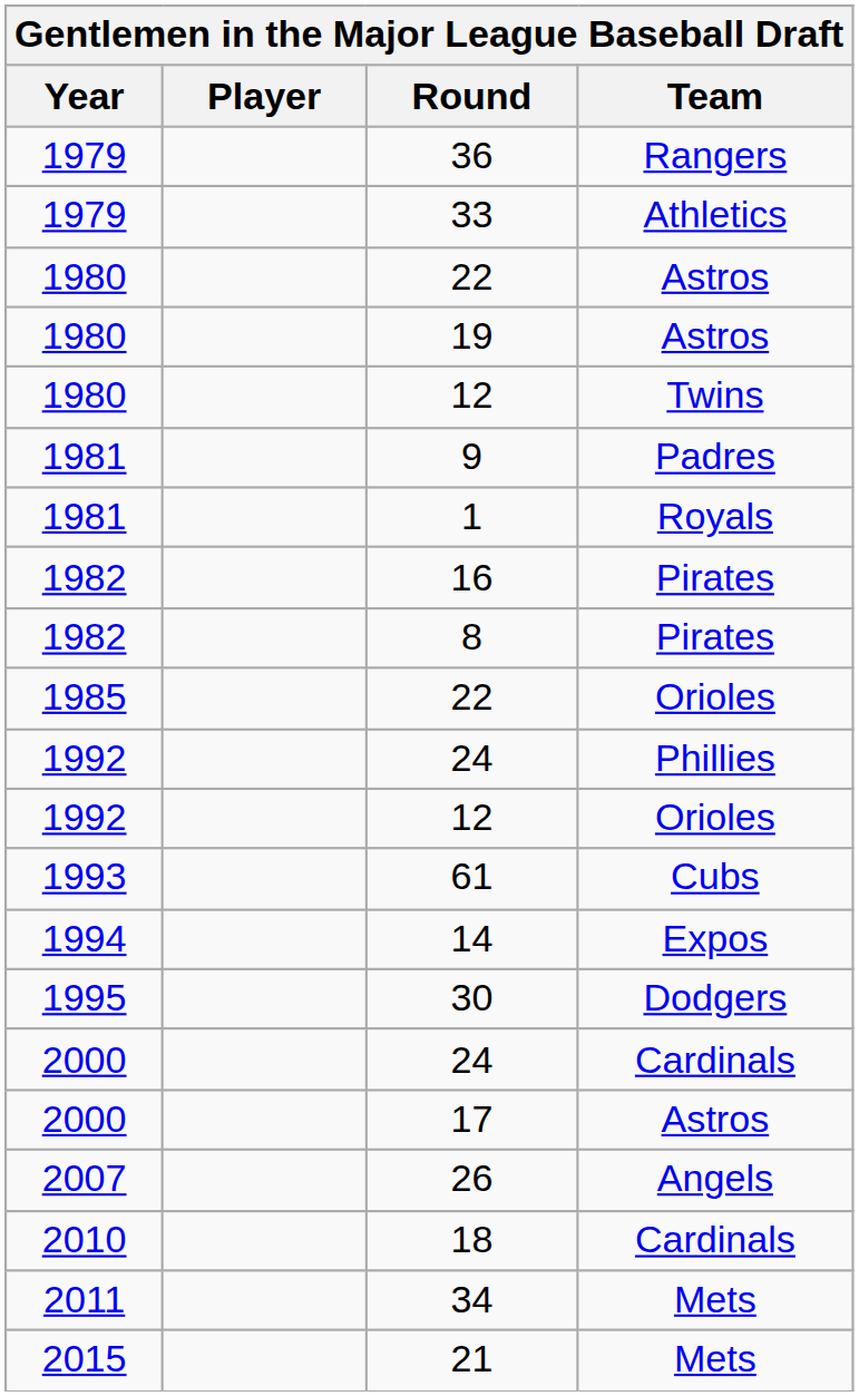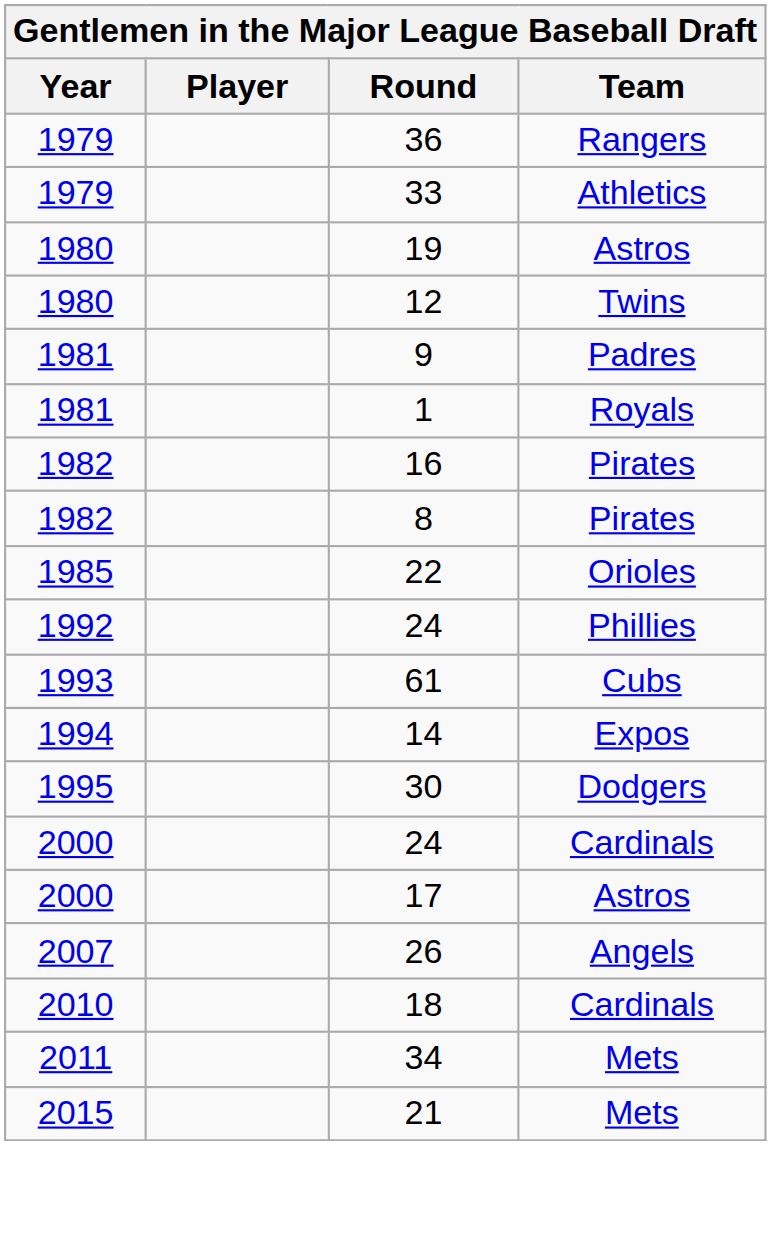 <table class="wikitable sortable collapsible collapsed" style="text-align:center">
 <tr>
 <th colspan=4>Gentlemen in the Major League Baseball Draft</th>
 </tr>
 <tr>
 <th>Year</th>
 <th>Player</th>
 <th>Round</th>
 <th>Team</th>
 </tr>
 <tr>
 <td><a href='#'>1979</a></td>
 <td></td>
 <td>36</td>
 <td><a href='#'>Rangers</a></td>
 </tr>
 <tr>
 <td><a href='#'>1979</a></td>
 <td></td>
 <td>33</td>
 <td><a href='#'>Athletics</a></td>
-</tr>
-<tr>
-<td><a href='#'>1980</a></td>
-<td></td>
-<td>22</td>
-<td><a href='#'>Astros</a></td>
 </tr>
 <tr>
 <td><a href='#'>1980</a></td>
 <td></td>
 <td>19</td>
 <td><a href='#'>Astros</a></td>
 </tr>
 <tr>
 <td><a href='#'>1980</a></td>
 <td></td>
 <td>12</td>
 <td><a href='#'>Twins</a></td>
 </tr>
 <tr>
 <td><a href='#'>1981</a></td>
 <td></td>
 <td>9</td>
 <td><a href='#'>Padres</a></td>
 </tr>
 <tr>
 <td><a href='#'>1981</a></td>
 <td></td>
 <td>1</td>
 <td><a href='#'>Royals</a></td>
 </tr>
 <tr>
 <td><a href='#'>1982</a></td>
 <td></td>
 <td>16</td>
 <td><a href='#'>Pirates</a></td>
 </tr>
 <tr>
 <td><a href='#'>1982</a></td>
 <td></td>
 <td>8</td>
 <td><a href='#'>Pirates</a></td>
 </tr>
 <tr>
 <td><a href='#'>1985</a></td>
 <td></td>
 <td>22</td>
 <td><a href='#'>Orioles</a></td>
 </tr>
 <tr>
 <td><a href='#'>1992</a></td>
 <td></td>
 <td>24</td>
 <td><a href='#'>Phillies</a></td>
-</tr>
-<tr>
-<td><a href='#'>1992</a></td>
-<td></td>
-<td>12</td>
-<td><a href='#'>Orioles</a></td>
 </tr>
 <tr>
 <td><a href='#'>1993</a></td>
 <td></td>
 <td>61</td>
 <td><a href='#'>Cubs</a></td>
 </tr>
 <tr>
 <td><a href='#'>1994</a></td>
 <td></td>
 <td>14</td>
 <td><a href='#'>Expos</a></td>
 </tr>
 <tr>
 <td><a href='#'>1995</a></td>
 <td></td>
 <td>30</td>
 <td><a href='#'>Dodgers</a></td>
 </tr>
 <tr>
 <td><a href='#'>2000</a></td>
 <td></td>
 <td>24</td>
 <td><a href='#'>Cardinals</a></td>
 </tr>
 <tr>
 <td><a href='#'>2000</a></td>
 <td></td>
 <td>17</td>
 <td><a href='#'>Astros</a></td>
 </tr>
 <tr>
 <td><a href='#'>2007</a></td>
 <td></td>
 <td>26</td>
 <td><a href='#'>Angels</a></td>
 </tr>
 <tr>
 <td><a href='#'>2010</a></td>
 <td></td>
 <td>18</td>
 <td><a href='#'>Cardinals</a></td>
 </tr>
 <tr>
 <td><a href='#'>2011</a></td>
 <td></td>
 <td>34</td>
 <td><a href='#'>Mets</a></td>
 </tr>
 <tr>
 <td><a href='#'>2015</a></td>
 <td></td>
 <td>21</td>
 <td><a href='#'>Mets</a></td>
 </tr>
 </table>
